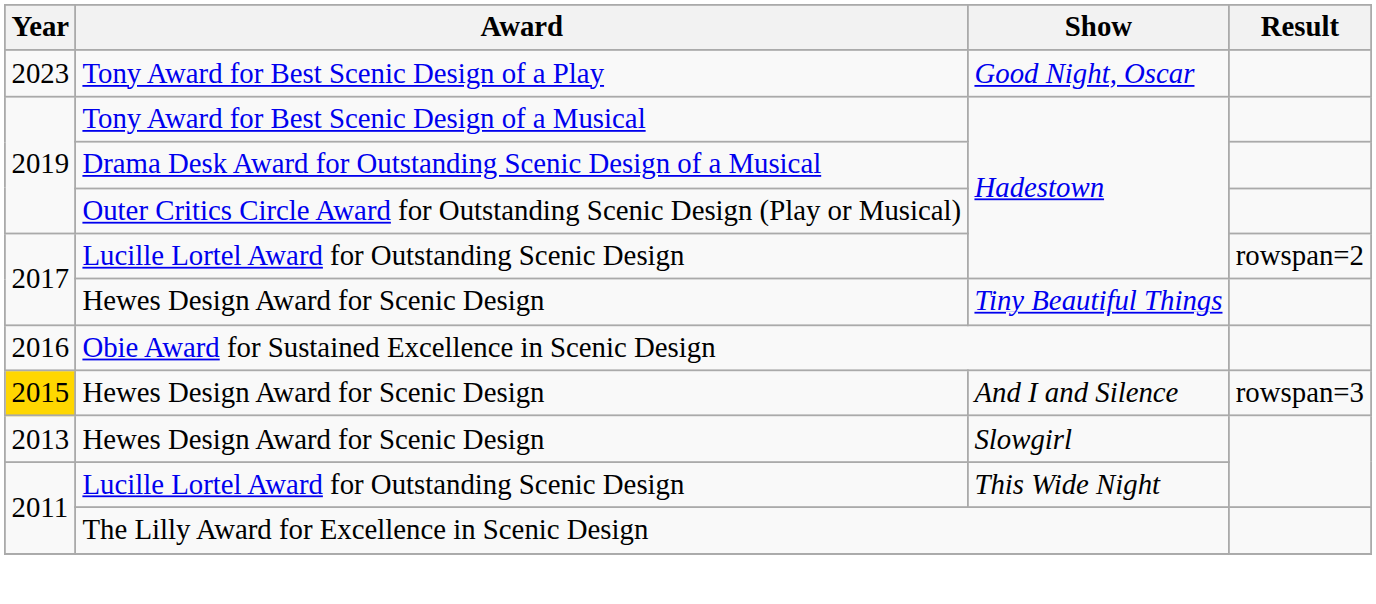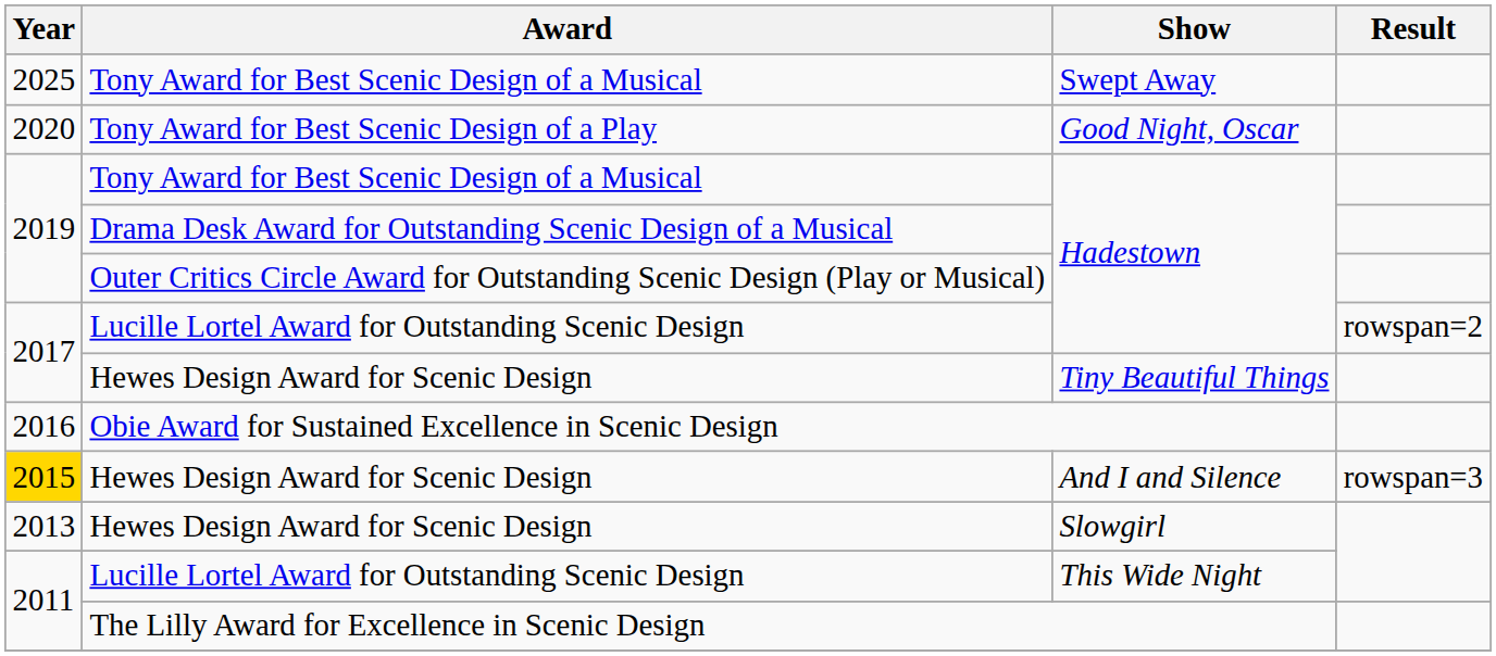 <table class="wikitable">
 <tr>
 <th>Year</th>
 <th>Award</th>
 <th>Show</th>
 <th>Result</th>
 </tr>
 <tr>
-<td>2023</td>
+<td>2025</td>
+<td><a href='#'>Tony Award for Best Scenic Design of a Musical</a></td>
+<td><a href='#'>Swept Away</a></td>
+<td></td>
+</tr>
+<tr>
+<td>2020</td>
 <td><a href='#'>Tony Award for Best Scenic Design of a Play</a></td>
 <td><em><a href='#'>Good Night, Oscar</a></em></td>
 <td></td>
 </tr>
 <tr>
 <td rowspan="3">2019</td>
 <td><a href='#'>Tony Award for Best Scenic Design of a Musical</a></td>
 <td rowspan="4"><em><a href='#'>Hadestown</a></em></td>
 <td></td>
 </tr>
 <tr>
 <td><a href='#'>Drama Desk Award for Outstanding Scenic Design of a Musical</a></td>
 <td></td>
 </tr>
 <tr>
 <td><a href='#'>Outer Critics Circle Award</a> for Outstanding Scenic Design (Play or Musical)</td>
 <td></td>
 </tr>
 <tr>
 <td rowspan="2">2017</td>
 <td><a href='#'>Lucille Lortel Award</a> for Outstanding Scenic Design</td>
 <td>rowspan=2 </td>
 </tr>
 <tr>
 <td>Hewes Design Award for Scenic Design</td>
 <td><em><a href='#'>Tiny Beautiful Things</a></em></td>
 </tr>
 <tr>
 <td>2016</td>
 <td colspan="2"><a href='#'>Obie Award</a> for Sustained Excellence in Scenic Design</td>
 <td></td>
 </tr>
 <tr>
 <td style="background: gold;">2015</td>
 <td>Hewes Design Award for Scenic Design</td>
 <td><em>And I and Silence</em></td>
 <td>rowspan=3 </td>
 </tr>
 <tr>
 <td>2013</td>
 <td>Hewes Design Award for Scenic Design</td>
 <td><em>Slowgirl</em></td>
 </tr>
 <tr>
 <td rowspan=2>2011</td>
 <td><a href='#'>Lucille Lortel Award</a> for Outstanding Scenic Design</td>
 <td><em>This Wide Night</em></td>
 </tr>
 <tr>
 <td colspan="2">The Lilly Award for Excellence in Scenic Design</td>
 <td></td>
 </tr>
 <tr>
 </tr>
 </table>
